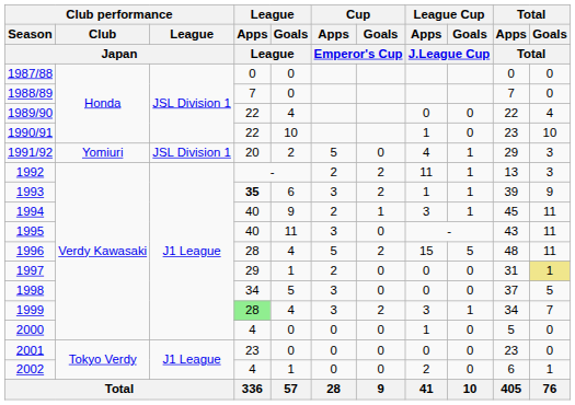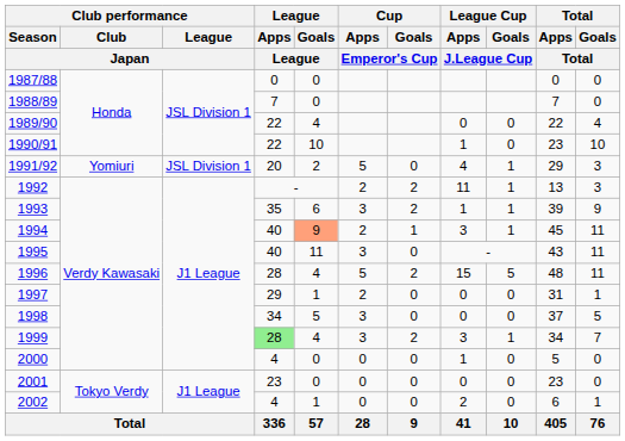 <table class="wikitable" style="text-align:center;">
 <tr>
 <th colspan=3>Club performance</th>
 <th colspan=2>League</th>
 <th colspan=2>Cup</th>
 <th colspan=2>League Cup</th>
 <th colspan=2>Total</th>
 </tr>
 <tr>
 <th>Season</th>
 <th>Club</th>
 <th>League</th>
 <th>Apps</th>
 <th>Goals</th>
 <th>Apps</th>
 <th>Goals</th>
 <th>Apps</th>
 <th>Goals</th>
 <th>Apps</th>
 <th>Goals</th>
 </tr>
 <tr>
 <th colspan=3>Japan</th>
 <th colspan=2>League</th>
 <th colspan=2><a href='#'>Emperor's Cup</a></th>
 <th colspan=2><a href='#'>J.League Cup</a></th>
 <th colspan=2>Total</th>
 </tr>
 <tr>
 <td><a href='#'>1987/88</a></td>
 <td rowspan="4"><a href='#'>Honda</a></td>
 <td rowspan="4"><a href='#'>JSL Division 1</a></td>
 <td>0</td>
 <td>0</td>
 <td></td>
 <td></td>
 <td></td>
 <td></td>
 <td>0</td>
 <td>0</td>
 </tr>
 <tr>
 <td><a href='#'>1988/89</a></td>
 <td>7</td>
 <td>0</td>
 <td></td>
 <td></td>
 <td></td>
 <td></td>
 <td>7</td>
 <td>0</td>
 </tr>
 <tr>
 <td><a href='#'>1989/90</a></td>
 <td>22</td>
 <td>4</td>
 <td></td>
 <td></td>
 <td>0</td>
 <td>0</td>
 <td>22</td>
 <td>4</td>
 </tr>
 <tr>
 <td><a href='#'>1990/91</a></td>
 <td>22</td>
 <td>10</td>
 <td></td>
 <td></td>
 <td>1</td>
 <td>0</td>
 <td>23</td>
 <td>10</td>
 </tr>
 <tr>
 <td><a href='#'>1991/92</a></td>
 <td><a href='#'>Yomiuri</a></td>
 <td><a href='#'>JSL Division 1</a></td>
 <td>20</td>
 <td>2</td>
 <td>5</td>
 <td>0</td>
 <td>4</td>
 <td>1</td>
 <td>29</td>
 <td>3</td>
 </tr>
 <tr>
 <td><a href='#'>1992</a></td>
 <td rowspan="9"><a href='#'>Verdy Kawasaki</a></td>
 <td rowspan="9"><a href='#'>J1 League</a></td>
 <td colspan="2">-</td>
 <td>2</td>
 <td>2</td>
 <td>11</td>
 <td>1</td>
 <td>13</td>
 <td>3</td>
 </tr>
 <tr>
 <td><a href='#'>1993</a></td>
-<td><strong>35</strong></td>
+<td>35</td>
 <td>6</td>
 <td>3</td>
 <td>2</td>
 <td>1</td>
 <td>1</td>
 <td>39</td>
 <td>9</td>
 </tr>
 <tr>
 <td><a href='#'>1994</a></td>
 <td>40</td>
-<td>9</td>
+<td style="background: lightsalmon;">9</td>
 <td>2</td>
 <td>1</td>
 <td>3</td>
 <td>1</td>
 <td>45</td>
 <td>11</td>
 </tr>
 <tr>
 <td><a href='#'>1995</a></td>
 <td>40</td>
 <td>11</td>
 <td>3</td>
 <td>0</td>
 <td colspan="2">-</td>
 <td>43</td>
 <td>11</td>
 </tr>
 <tr>
 <td><a href='#'>1996</a></td>
 <td>28</td>
 <td>4</td>
 <td>5</td>
 <td>2</td>
 <td>15</td>
 <td>5</td>
 <td>48</td>
 <td>11</td>
 </tr>
 <tr>
 <td><a href='#'>1997</a></td>
 <td>29</td>
 <td>1</td>
 <td>2</td>
 <td>0</td>
 <td>0</td>
 <td>0</td>
 <td>31</td>
-<td style="background: khaki;">1</td>
+<td>1</td>
 </tr>
 <tr>
 <td><a href='#'>1998</a></td>
 <td>34</td>
 <td>5</td>
 <td>3</td>
 <td>0</td>
 <td>0</td>
 <td>0</td>
 <td>37</td>
 <td>5</td>
 </tr>
 <tr>
 <td><a href='#'>1999</a></td>
 <td style="background: lightgreen;">28</td>
 <td>4</td>
 <td>3</td>
 <td>2</td>
 <td>3</td>
 <td>1</td>
 <td>34</td>
 <td>7</td>
 </tr>
 <tr>
 <td><a href='#'>2000</a></td>
 <td>4</td>
 <td>0</td>
 <td>0</td>
 <td>0</td>
 <td>1</td>
 <td>0</td>
 <td>5</td>
 <td>0</td>
 </tr>
 <tr>
 <td><a href='#'>2001</a></td>
 <td rowspan="2"><a href='#'>Tokyo Verdy</a></td>
 <td rowspan="2"><a href='#'>J1 League</a></td>
 <td>23</td>
 <td>0</td>
 <td>0</td>
 <td>0</td>
 <td>0</td>
 <td>0</td>
 <td>23</td>
 <td>0</td>
 </tr>
 <tr>
 <td><a href='#'>2002</a></td>
 <td>4</td>
 <td>1</td>
 <td>0</td>
 <td>0</td>
 <td>2</td>
 <td>0</td>
 <td>6</td>
 <td>1</td>
 </tr>
 <tr>
 <th colspan=3>Total</th>
 <th>336</th>
 <th>57</th>
 <th>28</th>
 <th>9</th>
 <th>41</th>
 <th>10</th>
 <th>405</th>
 <th>76</th>
 </tr>
 </table>
